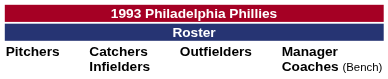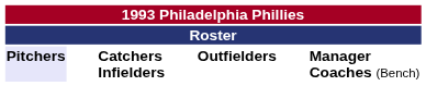 <table class="toccolours" style="font-size: 95%;">
 <tr>
 <th colspan="10" style="background-color: #A50024; color: #FFFFFF; text-align: center;">1993 Philadelphia Phillies</th>
 </tr>
 <tr>
 <td colspan="10" style="background-color: #263473; color: white; text-align: center;"><strong>Roster</strong></td>
 </tr>
 <tr>
-<td valign="top"><strong>Pitchers</strong><br>                   </td>
+<td valign="top" style="background: lavender;"><strong>Pitchers</strong><br>                   </td>
 <td width="25px"></td>
 <td valign="top"><strong>Catchers</strong><br>   <strong>Infielders</strong>          </td>
 <td width="25px"></td>
 <td valign="top"><strong>Outfielders</strong><br>      </td>
 <td width="25px"></td>
 <td valign="top"><strong>Manager</strong><br> <strong>Coaches</strong> </small> </small> </small> </small> </small>  <small>(Bench)</small></td>
 </tr>
 </table>
